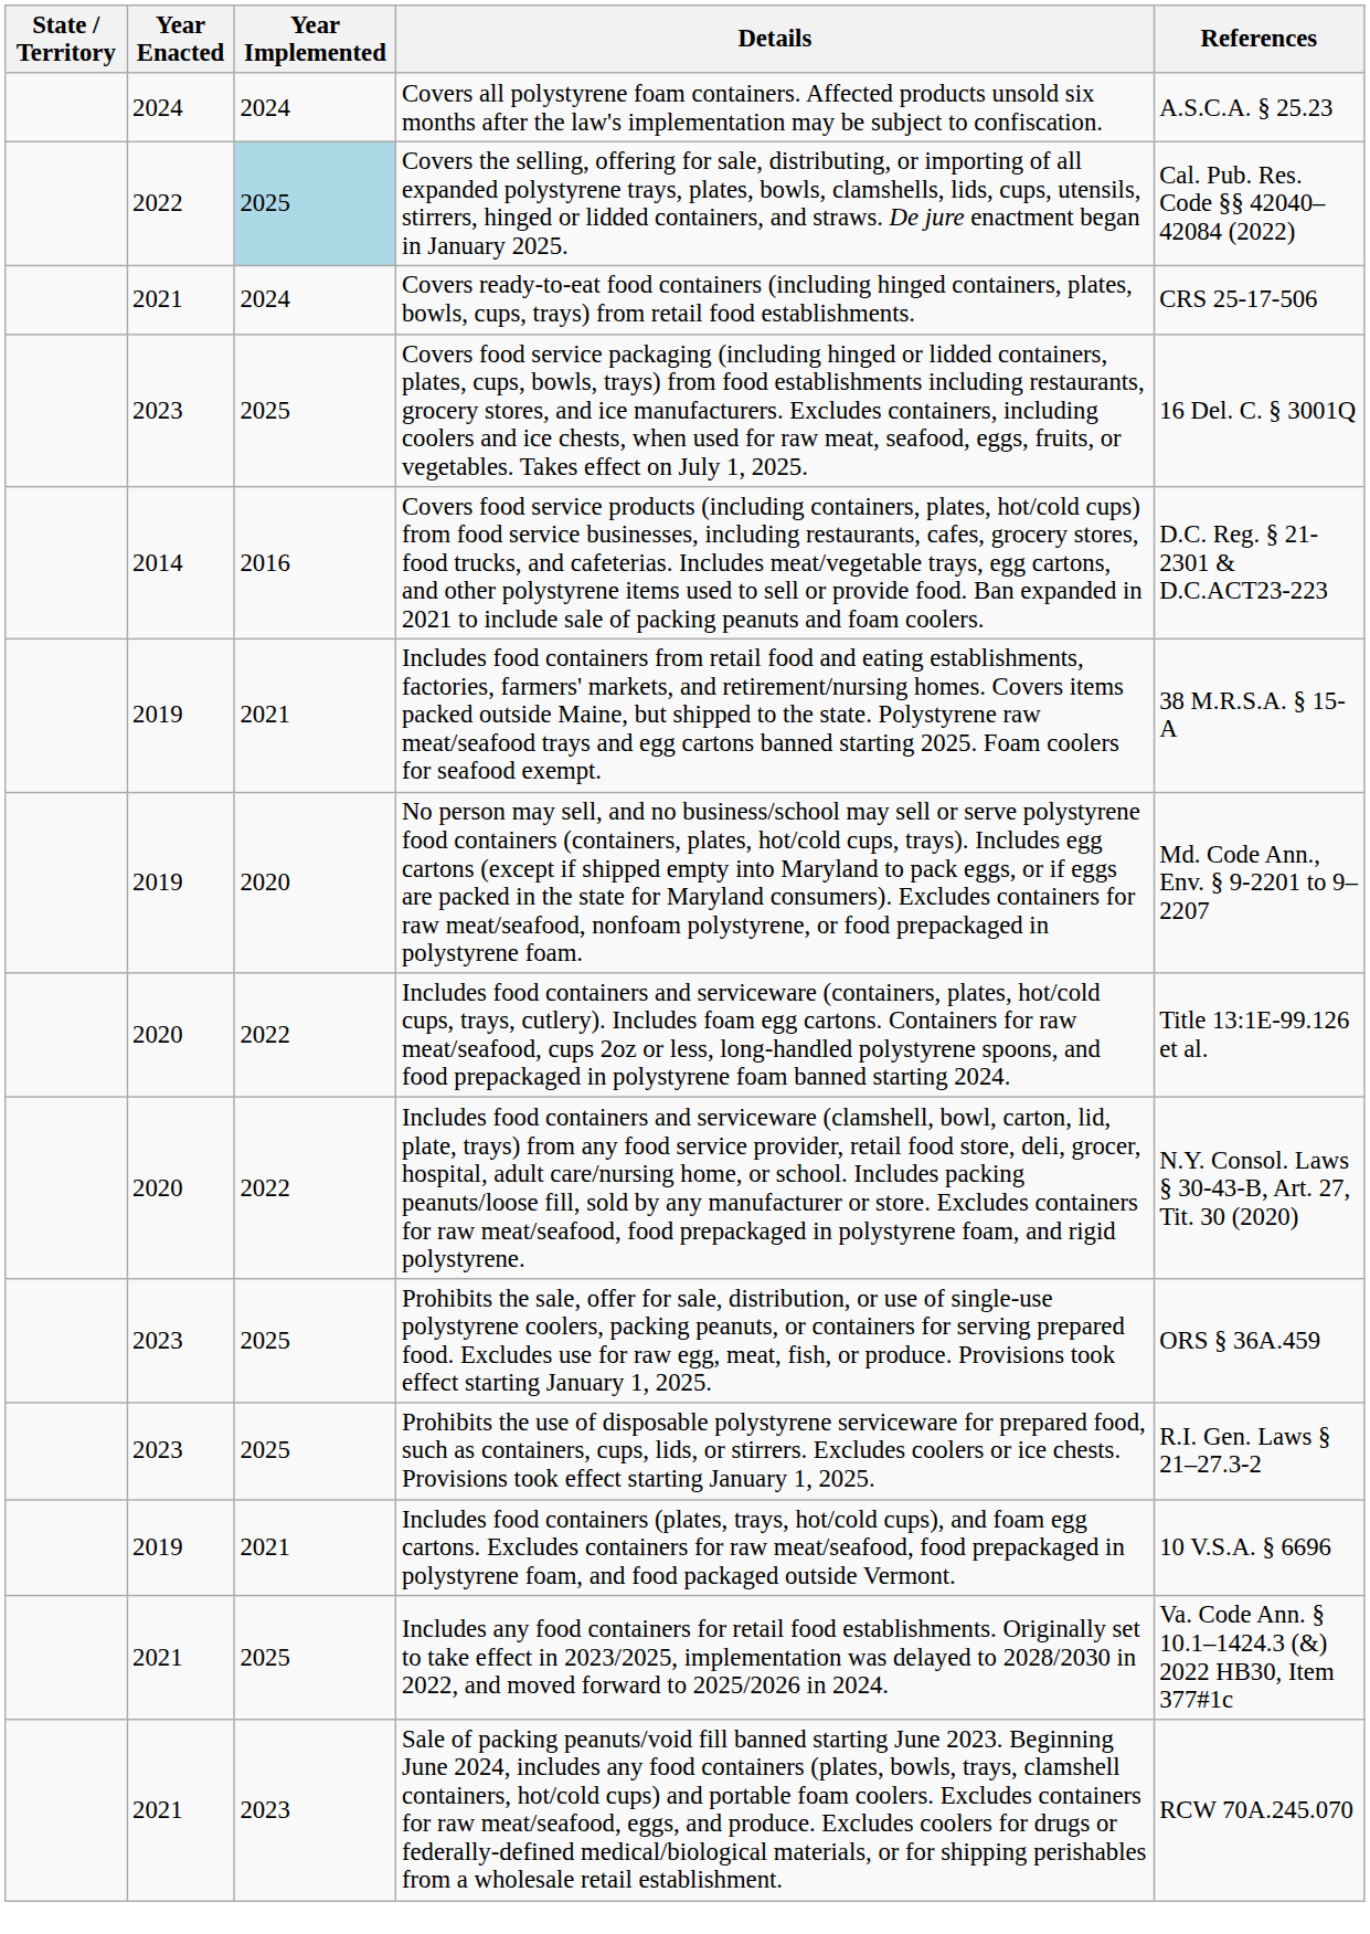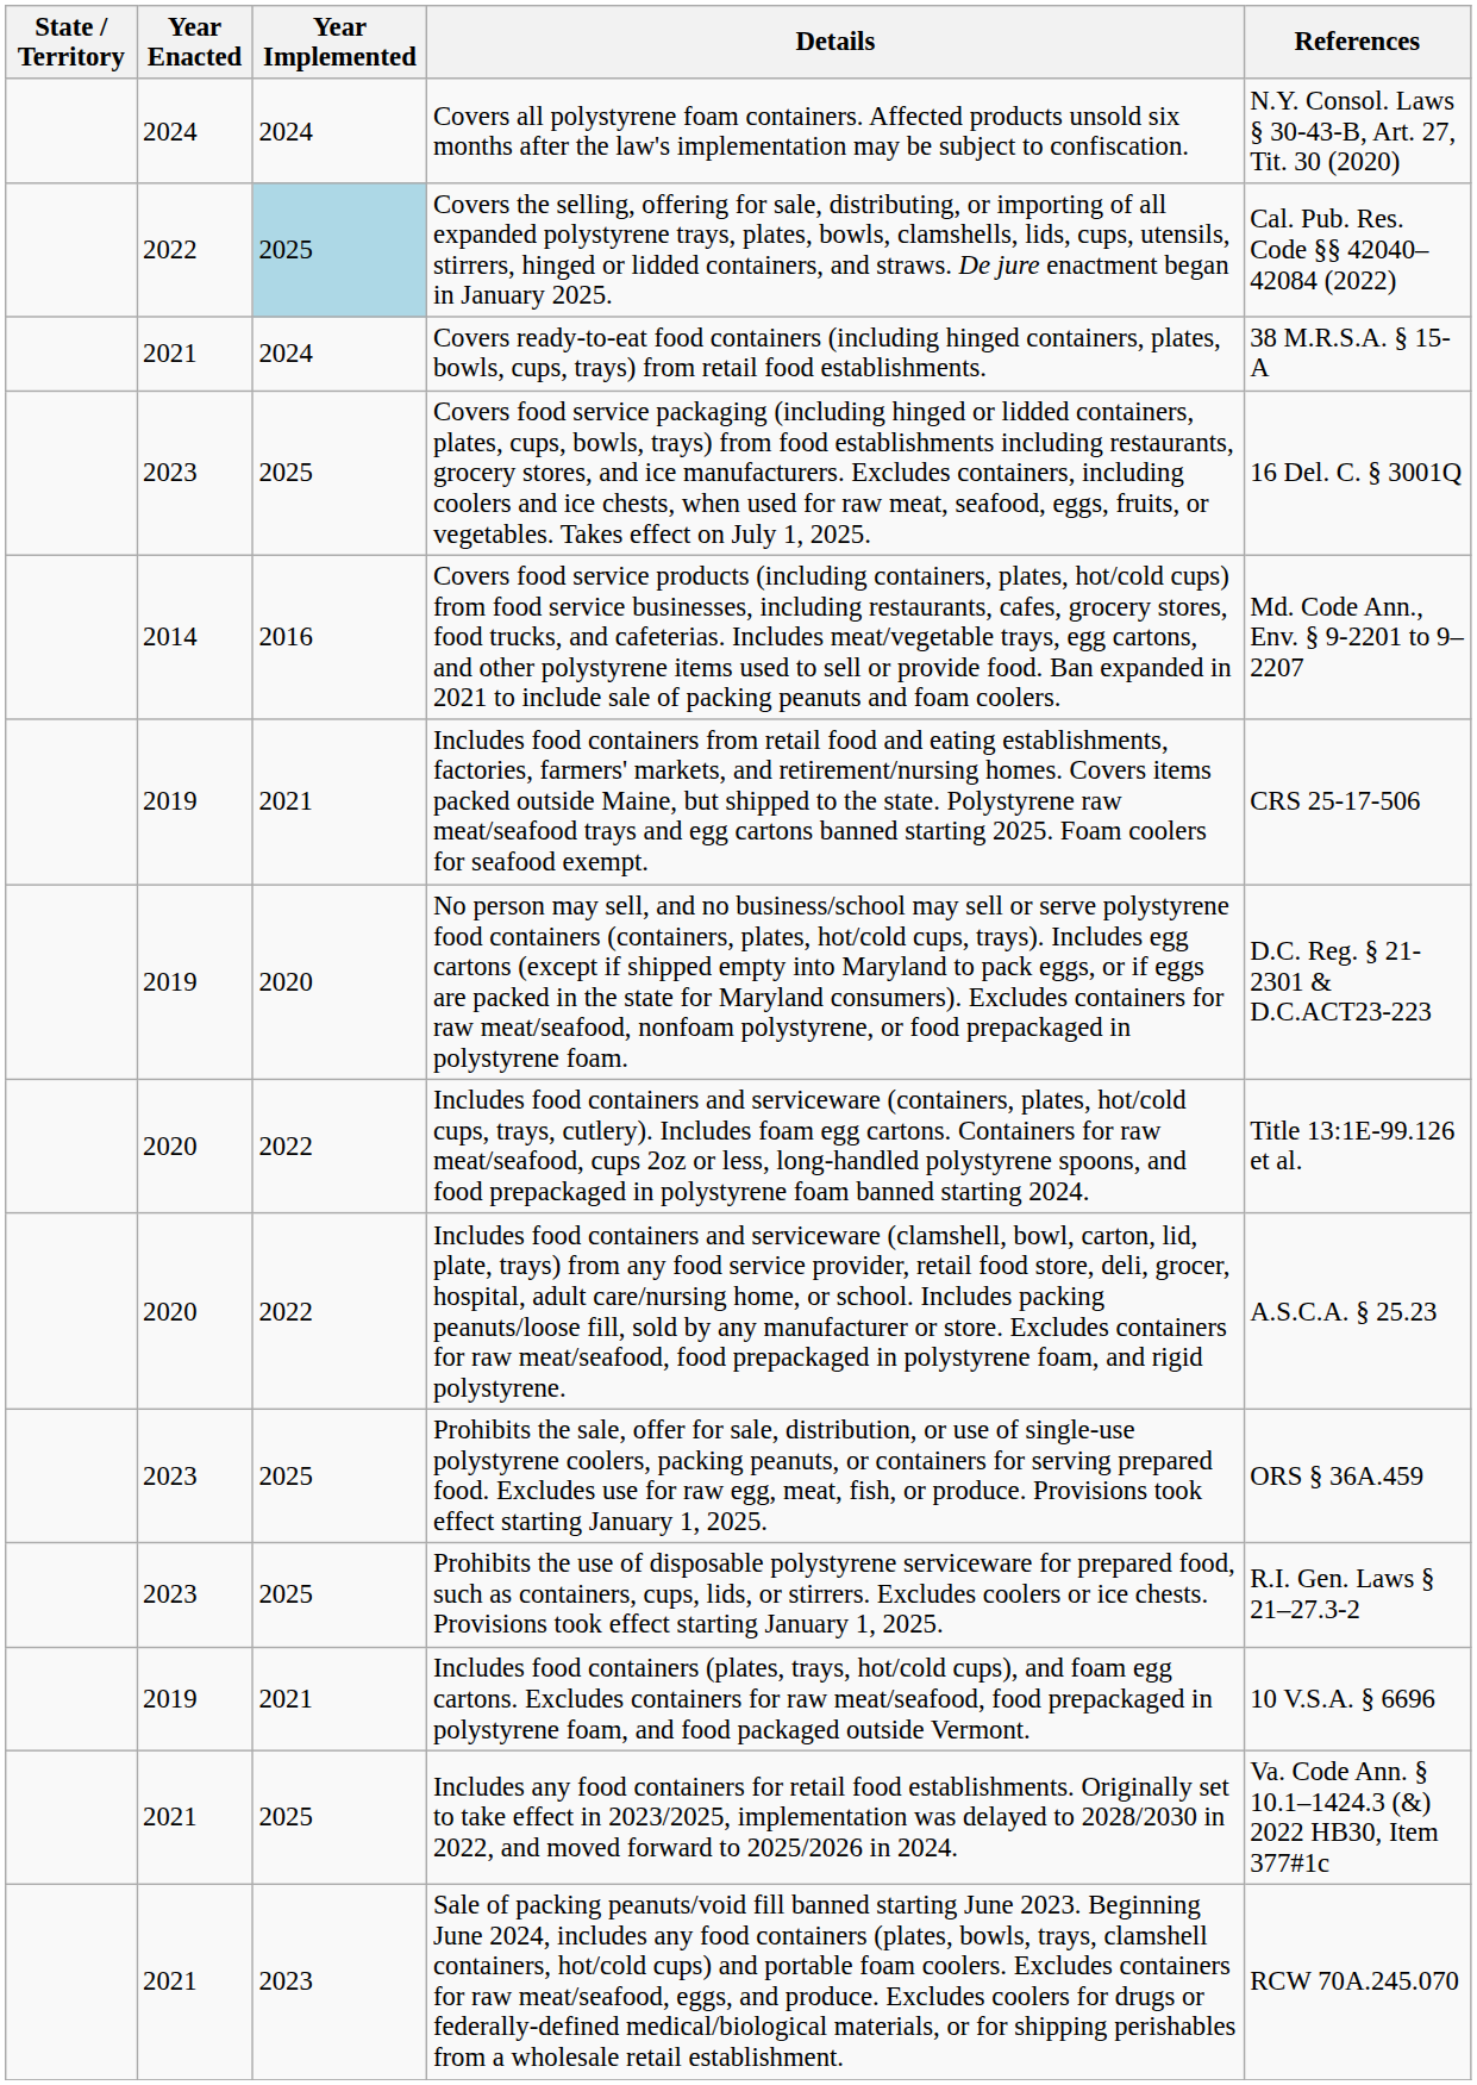 <table class="wikitable sortable plainrowheaders">
 <tr>
 <th class="sortable" scope=col>State / Territory</th>
 <th class="sortable" scope=col>Year Enacted</th>
 <th class="sortable" scope=col>Year Implemented</th>
 <th class="unsortable" scope=col>Details</th>
 <th class="unsortable" scope=col>References</th>
 </tr>
 <tr>
 <td></td>
 <td>2024</td>
 <td>2024</td>
 <td>Covers all polystyrene foam containers. Affected products unsold six months after the law's implementation may be subject to confiscation.</td>
-<td>A.S.C.A. § 25.23</td>
+<td>N.Y. Consol. Laws § 30-43-B, Art. 27, Tit. 30 (2020)</td>
 </tr>
 <tr>
 <td></td>
 <td>2022</td>
 <td style="background: lightblue;">2025</td>
 <td>Covers the selling, offering for sale, distributing, or importing of all expanded polystyrene trays, plates, bowls, clamshells, lids, cups, utensils, stirrers, hinged or lidded containers, and straws. <em>De jure</em> enactment began in January 2025.</td>
 <td>Cal. Pub. Res. Code §§ 42040–42084 (2022)</td>
 </tr>
 <tr>
 <td></td>
 <td>2021</td>
 <td>2024</td>
 <td>Covers ready-to-eat food containers (including hinged containers, plates, bowls, cups, trays) from retail food establishments.</td>
-<td>CRS 25-17-506</td>
+<td>38 M.R.S.A. § 15-A</td>
 </tr>
 <tr>
 <td></td>
 <td>2023</td>
 <td>2025</td>
 <td>Covers food service packaging (including hinged or lidded containers, plates, cups, bowls, trays) from food establishments including restaurants, grocery stores, and ice manufacturers. Excludes containers, including coolers and ice chests, when used for raw meat, seafood, eggs, fruits, or vegetables. Takes effect on July 1, 2025.</td>
 <td>16 Del. C. § 3001Q</td>
 </tr>
 <tr>
 <td></td>
 <td>2014</td>
 <td>2016</td>
 <td>Covers food service products (including containers, plates, hot/cold cups) from food service businesses, including restaurants, cafes, grocery stores, food trucks, and cafeterias. Includes meat/vegetable trays, egg cartons, and other polystyrene items used to sell or provide food. Ban expanded in 2021 to include sale of packing peanuts and foam coolers.</td>
-<td>D.C. Reg. § 21-2301 & D.C.ACT23-223</td>
+<td>Md. Code Ann., Env. § 9-2201 to 9–2207</td>
 </tr>
 <tr>
 <td></td>
 <td>2019</td>
 <td>2021</td>
 <td>Includes food containers from retail food and eating establishments, factories, farmers' markets, and retirement/nursing homes. Covers items packed outside Maine, but shipped to the state. Polystyrene raw meat/seafood trays and egg cartons banned starting 2025. Foam coolers for seafood exempt.</td>
-<td>38 M.R.S.A. § 15-A</td>
+<td>CRS 25-17-506</td>
 </tr>
 <tr>
 <td></td>
 <td>2019</td>
 <td>2020</td>
 <td>No person may sell, and no business/school may sell or serve polystyrene food containers (containers, plates, hot/cold cups, trays). Includes egg cartons (except if shipped empty into Maryland to pack eggs, or if eggs are packed in the state for Maryland consumers). Excludes containers for raw meat/seafood, nonfoam polystyrene, or food prepackaged in polystyrene foam.</td>
-<td>Md. Code Ann., Env. § 9-2201 to 9–2207</td>
+<td>D.C. Reg. § 21-2301 & D.C.ACT23-223</td>
 </tr>
 <tr>
 <td></td>
 <td>2020</td>
 <td>2022</td>
 <td>Includes food containers and serviceware (containers, plates, hot/cold cups, trays, cutlery). Includes foam egg cartons. Containers for raw meat/seafood, cups 2oz or less, long-handled polystyrene spoons, and food prepackaged in polystyrene foam banned starting 2024.</td>
 <td>Title 13:1E-99.126 et al.</td>
 </tr>
 <tr>
 <td></td>
 <td>2020</td>
 <td>2022</td>
 <td>Includes food containers and serviceware (clamshell, bowl, carton, lid, plate, trays) from any food service provider, retail food store, deli, grocer, hospital, adult care/nursing home, or school. Includes packing peanuts/loose fill, sold by any manufacturer or store. Excludes containers for raw meat/seafood, food prepackaged in polystyrene foam, and rigid polystyrene.</td>
-<td>N.Y. Consol. Laws § 30-43-B, Art. 27, Tit. 30 (2020)</td>
+<td>A.S.C.A. § 25.23</td>
 </tr>
 <tr>
 <td></td>
 <td>2023</td>
 <td>2025</td>
 <td>Prohibits the sale, offer for sale, distribution, or use of single-use polystyrene coolers, packing peanuts, or containers for serving prepared food. Excludes use for raw egg, meat, fish, or produce. Provisions took effect starting January 1, 2025.</td>
 <td>ORS § 36A.459</td>
 </tr>
 <tr>
 <td></td>
 <td>2023</td>
 <td>2025</td>
 <td>Prohibits the use of disposable polystyrene serviceware for prepared food, such as containers, cups, lids, or stirrers. Excludes coolers or ice chests. Provisions took effect starting January 1, 2025.</td>
 <td>R.I. Gen. Laws § 21–27.3-2</td>
 </tr>
 <tr>
 <td></td>
 <td>2019</td>
 <td>2021</td>
 <td>Includes food containers (plates, trays, hot/cold cups), and foam egg cartons. Excludes containers for raw meat/seafood, food prepackaged in polystyrene foam, and food packaged outside Vermont.</td>
 <td>10 V.S.A. § 6696</td>
 </tr>
 <tr>
 <td></td>
 <td>2021</td>
 <td>2025</td>
 <td>Includes any food containers for retail food establishments. Originally set to take effect in 2023/2025, implementation was delayed to 2028/2030 in 2022, and moved forward to 2025/2026 in 2024.</td>
 <td>Va. Code Ann. § 10.1–1424.3 (&) 2022 HB30, Item 377#1c </td>
 </tr>
 <tr>
 <td></td>
 <td>2021</td>
 <td>2023</td>
 <td>Sale of packing peanuts/void fill banned starting June 2023. Beginning June 2024, includes any food containers (plates, bowls, trays, clamshell containers, hot/cold cups) and portable foam coolers. Excludes containers for raw meat/seafood, eggs, and produce. Excludes coolers for drugs or federally-defined medical/biological materials, or for shipping perishables from a wholesale retail establishment.</td>
 <td>RCW 70A.245.070</td>
 </tr>
 <tr>
 </tr>
 </table>
